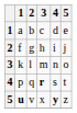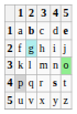 <table class="wikitable">
 <tr>
 <th> </th>
 <th>1</th>
 <th>2</th>
 <th>3</th>
 <th>4</th>
 <th>5</th>
 </tr>
 <tr>
 <th>1</th>
 <td>a</td>
-<td>b</td>
+<td><strong>b</strong></td>
 <td>c</td>
 <td>d</td>
-<td>e</td>
+<td><strong>e</strong></td>
 </tr>
 <tr>
 <th>2</th>
 <td>f</td>
-<td>g</td>
+<td style="background: paleturquoise;">g</td>
 <td>h</td>
 <td>i</td>
 <td>j</td>
 </tr>
 <tr>
 <th>3</th>
 <td>k</td>
 <td>l</td>
 <td>m</td>
 <td>n</td>
-<td>o</td>
+<td style="background: lightgreen;">o</td>
 </tr>
 <tr>
 <th>4</th>
-<td>p</td>
+<td style="background: lightgrey;">p</td>
 <td>q</td>
-<td><strong>r</strong></td>
-<td>s</td>
+<td>r</td>
+<td><strong>s</strong></td>
 <td>t</td>
 </tr>
 <tr>
 <th>5</th>
-<td><strong>u</strong></td>
+<td>u</td>
 <td>v</td>
 <td>x</td>
-<td><strong>y</strong></td>
+<td>y</td>
 <td>z</td>
 </tr>
 <tr>
 </tr>
 </table>
